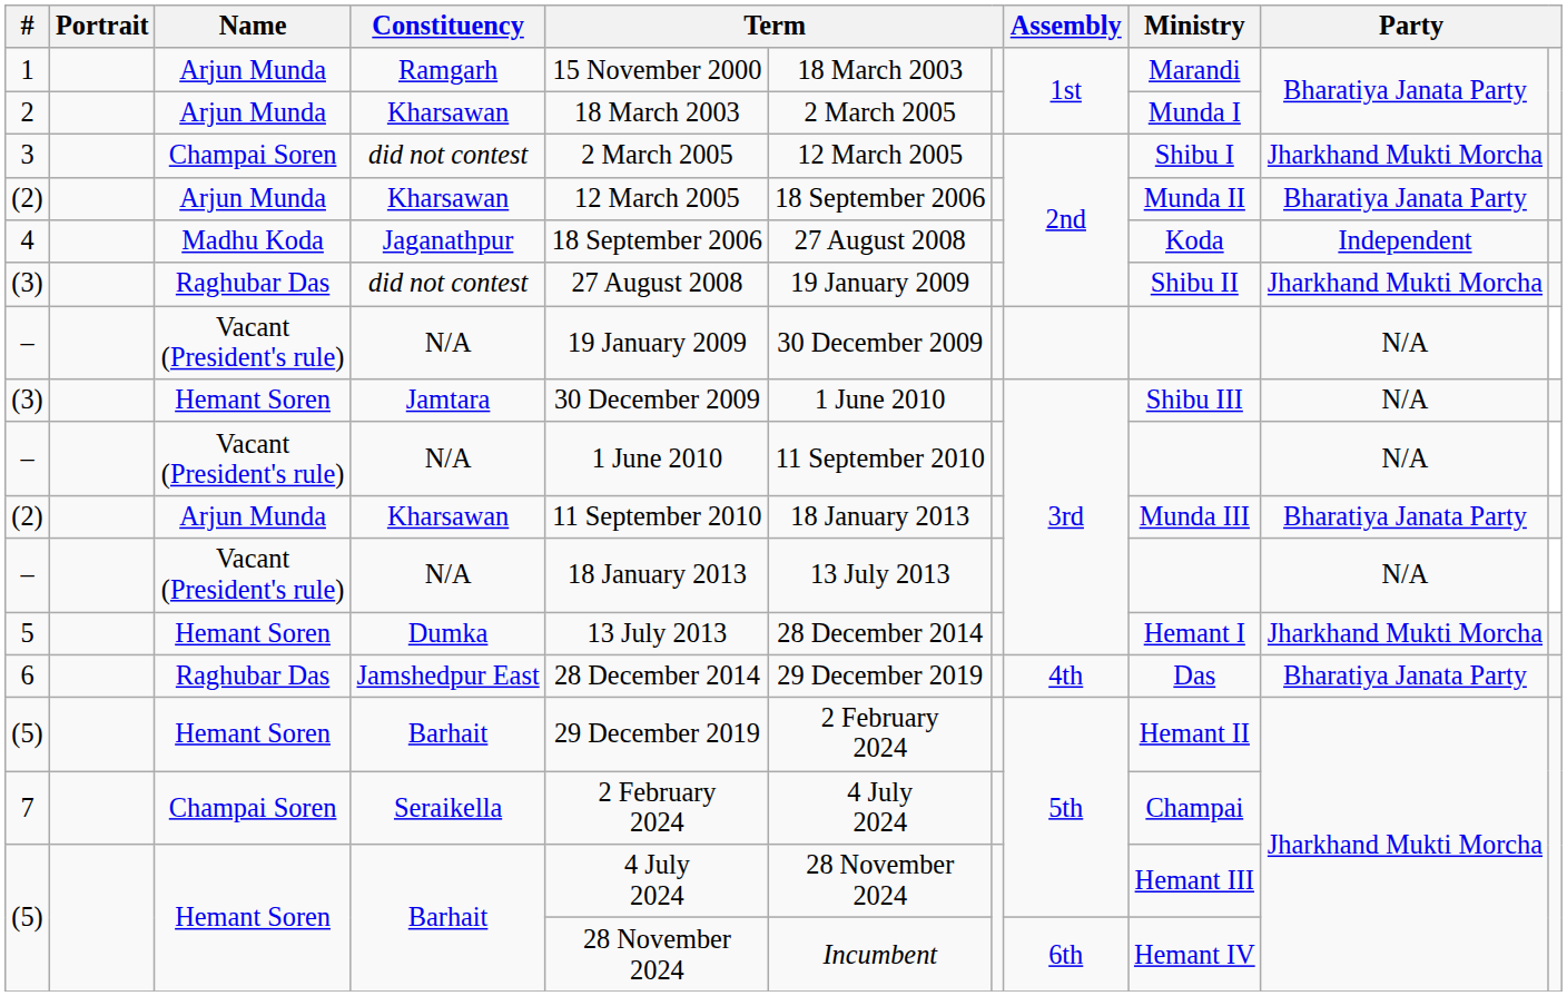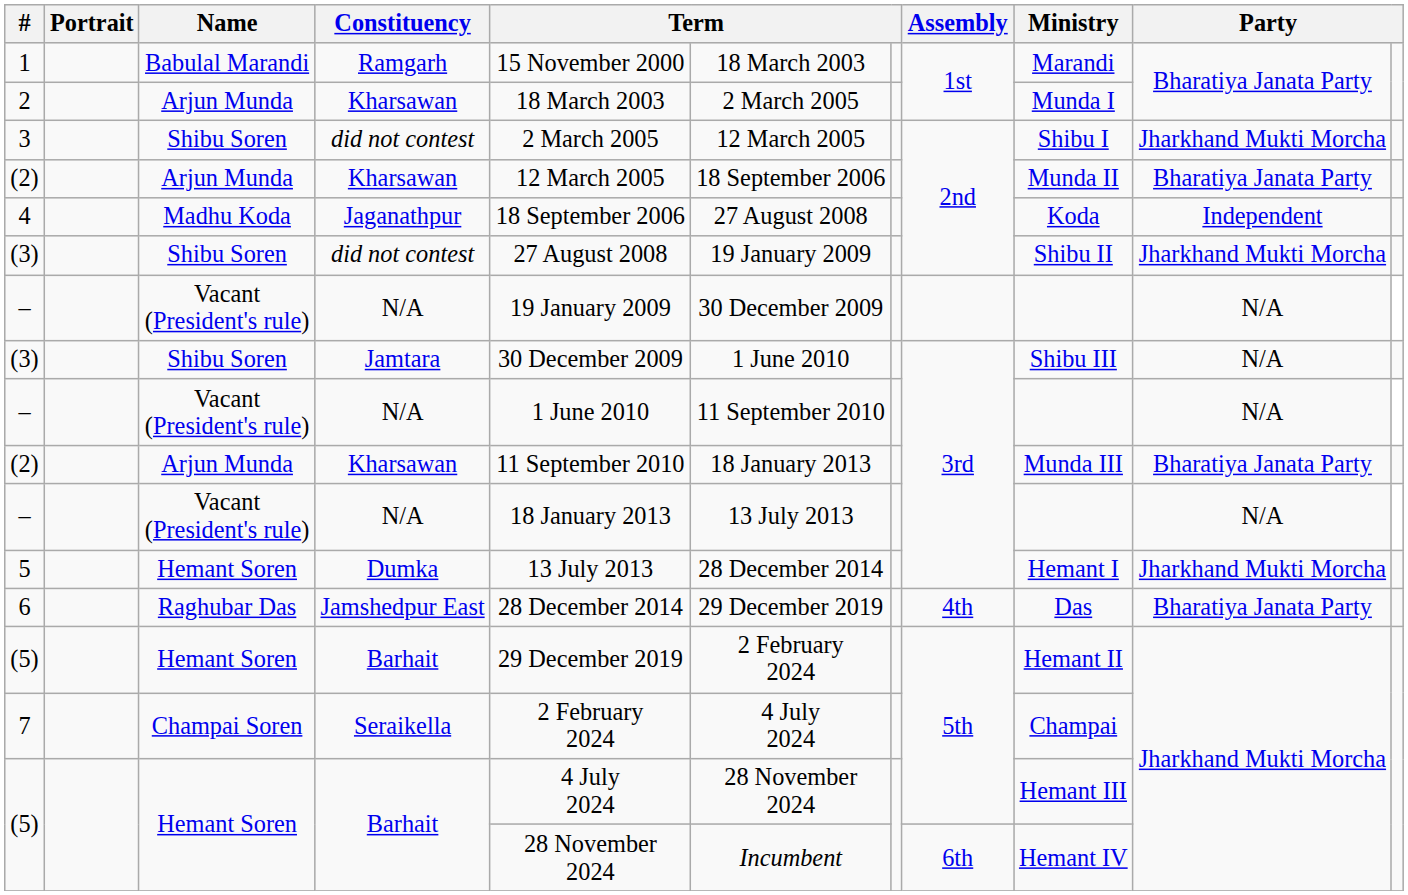 <table class="wikitable" style="text-align:center">
 <tr>
 <th scope="col">#</th>
 <th scope="col">Portrait</th>
 <th scope="col">Name</th>
 <th><a href='#'>Constituency</a></th>
 <th colspan="3" rowspan="1" scope="col">Term</th>
 <th><a href='#'>Assembly</a><br></th>
 <th>Ministry</th>
 <th colspan="2" scope="col">Party</th>
 </tr>
 <tr>
 <td>1</td>
 <td></td>
-<td scope="row"><a href='#'>Arjun Munda</a></td>
+<td scope="row"><a href='#'>Babulal Marandi</a></td>
 <td><a href='#'>Ramgarh</a></td>
 <td>15 November 2000</td>
 <td>18 March 2003</td>
 <td></td>
 <td rowspan="2"><a href='#'>1st</a><br></td>
 <td><a href='#'>Marandi</a></td>
 <td rowspan="2"><a href='#'>Bharatiya Janata Party</a></td>
 <td rowspan="2" style="background-color: "></td>
 </tr>
 <tr>
 <td>2</td>
 <td></td>
 <td scope="row"><a href='#'>Arjun Munda</a></td>
 <td><a href='#'>Kharsawan</a></td>
 <td>18 March 2003</td>
 <td>2 March 2005</td>
 <td></td>
 <td><a href='#'>Munda I</a></td>
 </tr>
 <tr>
 <td>3</td>
 <td></td>
-<td><a href='#'>Champai Soren</a></td>
+<td scope="row"><a href='#'>Shibu Soren</a></td>
 <td><em>did not contest</em></td>
 <td>2 March 2005</td>
 <td>12 March 2005</td>
 <td></td>
 <td rowspan="4"><a href='#'>2nd</a><br></td>
 <td><a href='#'>Shibu I</a></td>
 <td><a href='#'>Jharkhand Mukti Morcha</a></td>
 <td style="background-color: "></td>
 </tr>
 <tr>
 <td>(2)</td>
 <td></td>
 <td scope="row"><a href='#'>Arjun Munda</a></td>
 <td><a href='#'>Kharsawan</a></td>
 <td>12 March 2005</td>
 <td>18 September 2006</td>
 <td></td>
 <td><a href='#'>Munda II</a></td>
 <td><a href='#'>Bharatiya Janata Party</a></td>
 <td style="background-color: "></td>
 </tr>
 <tr>
 <td>4</td>
 <td></td>
 <td scope="row"><a href='#'>Madhu Koda</a></td>
 <td><a href='#'>Jaganathpur</a></td>
 <td>18 September 2006</td>
 <td>27 August 2008</td>
 <td></td>
 <td><a href='#'>Koda</a></td>
 <td><a href='#'>Independent</a></td>
 <td style="background-color:"></td>
 </tr>
 <tr>
 <td>(3)</td>
 <td></td>
-<td scope="row"><a href='#'>Raghubar Das</a></td>
+<td scope="row"><a href='#'>Shibu Soren</a></td>
 <td><em>did not contest</em></td>
 <td>27 August 2008</td>
 <td>19 January 2009</td>
 <td></td>
 <td><a href='#'>Shibu II</a></td>
 <td><a href='#'>Jharkhand Mukti Morcha</a></td>
 <td style="background-color: "></td>
 </tr>
 <tr>
 <td>–</td>
 <td></td>
 <td scope="row">Vacant<br>(<a href='#'>President's rule</a>)</td>
 <td>N/A</td>
 <td>19 January 2009</td>
 <td>30 December 2009</td>
 <td></td>
 <td></td>
 <td></td>
 <td>N/A</td>
 <td style="background-color: white"></td>
 </tr>
 <tr>
 <td>(3)</td>
 <td></td>
-<td scope="row"><a href='#'>Hemant Soren</a></td>
+<td scope="row"><a href='#'>Shibu Soren</a></td>
 <td><a href='#'>Jamtara</a></td>
 <td>30 December 2009</td>
 <td>1 June 2010</td>
 <td></td>
 <td rowspan="5"><a href='#'>3rd</a><br></td>
 <td><a href='#'>Shibu III</a></td>
 <td>N/A</td>
 <td style="background-color: "></td>
 </tr>
 <tr>
 <td>–</td>
 <td></td>
 <td scope="row">Vacant<br>(<a href='#'>President's rule</a>)</td>
 <td>N/A</td>
 <td>1 June 2010</td>
 <td>11 September 2010</td>
 <td></td>
 <td></td>
 <td>N/A</td>
 <td style="background-color: white"></td>
 </tr>
 <tr>
 <td>(2)</td>
 <td></td>
 <td scope="row"><a href='#'>Arjun Munda</a></td>
 <td><a href='#'>Kharsawan</a></td>
 <td>11 September 2010</td>
 <td>18 January 2013</td>
 <td></td>
 <td><a href='#'>Munda III</a></td>
 <td><a href='#'>Bharatiya Janata Party</a></td>
 <td style="background-color: "></td>
 </tr>
 <tr>
 <td>–</td>
 <td></td>
 <td scope="row">Vacant<br>(<a href='#'>President's rule</a>)</td>
 <td>N/A</td>
 <td>18 January 2013</td>
 <td>13 July 2013</td>
 <td></td>
 <td></td>
 <td>N/A</td>
 <td style="background-color: white"></td>
 </tr>
 <tr>
 <td>5</td>
 <td></td>
 <td scope="row"><a href='#'>Hemant Soren</a></td>
 <td><a href='#'>Dumka</a></td>
 <td>13 July 2013</td>
 <td>28 December 2014</td>
 <td></td>
 <td><a href='#'>Hemant I</a></td>
 <td><a href='#'>Jharkhand Mukti Morcha</a></td>
 <td style="background-color: "></td>
 </tr>
 <tr>
 <td>6</td>
 <td></td>
 <td scope="row"><a href='#'>Raghubar Das</a></td>
 <td><a href='#'>Jamshedpur East</a></td>
 <td>28 December 2014</td>
 <td>29 December 2019</td>
 <td></td>
 <td><a href='#'>4th</a><br></td>
 <td><a href='#'>Das</a></td>
 <td><a href='#'>Bharatiya Janata Party</a></td>
 <td style="background-color: "></td>
 </tr>
 <tr>
 <td>(5)</td>
 <td></td>
 <td scope="row"><a href='#'>Hemant Soren</a></td>
 <td><a href='#'>Barhait</a></td>
 <td>29 December 2019</td>
 <td>2 February<br>2024</td>
 <td></td>
 <td rowspan="3"><a href='#'>5th</a><br></td>
 <td><a href='#'>Hemant II</a></td>
 <td rowspan="4"><a href='#'>Jharkhand Mukti Morcha</a></td>
 <td rowspan="4" style="background-color: "></td>
 </tr>
 <tr>
 <td>7</td>
 <td></td>
 <td><a href='#'>Champai Soren</a></td>
 <td><a href='#'>Seraikella</a></td>
 <td>2 February<br>2024</td>
 <td>4 July<br>2024</td>
 <td></td>
 <td><a href='#'>Champai</a></td>
 </tr>
 <tr>
 <td rowspan="2">(5)</td>
 <td rowspan="2"></td>
 <td rowspan="2"><a href='#'>Hemant Soren</a></td>
 <td rowspan="2"><a href='#'>Barhait</a></td>
 <td>4 July<br>2024</td>
 <td>28 November<br>2024</td>
 <td rowspan="2"></td>
 <td><a href='#'>Hemant III</a></td>
 </tr>
 <tr>
 <td>28 November<br>2024</td>
 <td><em>Incumbent</em></td>
 <td><a href='#'>6th</a><br></td>
 <td><a href='#'>Hemant IV</a></td>
 </tr>
 </table>
